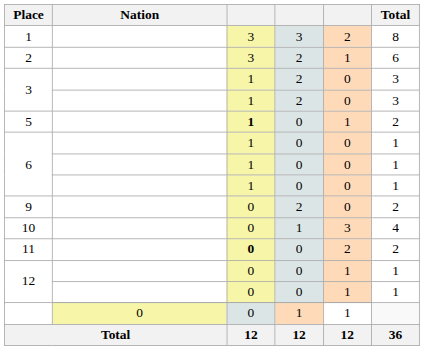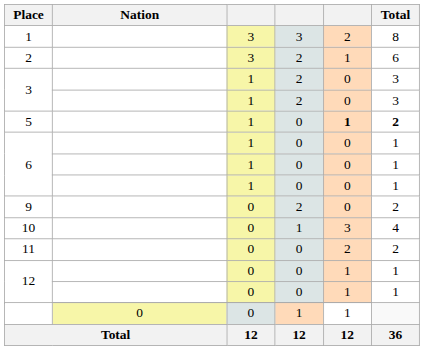 <table class="wikitable" style="text-align: center">
 <tr style="background:#efefef;">
 <th width=50>Place</th>
 <th width=200>Nation</th>
 <th width=50></th>
 <th width=50></th>
 <th width=50></th>
 <th width=50>Total</th>
 </tr>
 <tr bgcolor="#FFFFFF">
 <td>1</td>
 <td align="left"></td>
 <td style="background:#F7F6A8;">3</td>
 <td style="background:#DCE5E5;">3</td>
 <td style="background:#FFDAB9;">2</td>
 <td>8</td>
 </tr>
 <tr bgcolor="#FFFFFF">
 <td>2</td>
 <td align="left"></td>
 <td style="background:#F7F6A8;">3</td>
 <td style="background:#DCE5E5;">2</td>
 <td style="background:#FFDAB9;">1</td>
 <td>6</td>
 </tr>
 <tr bgcolor="#FFFFFF">
 <td rowspan=2>3</td>
 <td align="left"></td>
 <td style="background:#F7F6A8;">1</td>
 <td style="background:#DCE5E5;">2</td>
 <td style="background:#FFDAB9;">0</td>
 <td>3</td>
 </tr>
 <tr bgcolor="#FFFFFF">
 <td align="left"></td>
 <td style="background:#F7F6A8;">1</td>
 <td style="background:#DCE5E5;">2</td>
 <td style="background:#FFDAB9;">0</td>
 <td>3</td>
 </tr>
 <tr bgcolor="#FFFFFF">
 <td>5</td>
 <td align="left"></td>
-<td style="background:#F7F6A8;"><strong>1</strong></td>
+<td style="background:#F7F6A8;">1</td>
 <td style="background:#DCE5E5;">0</td>
-<td style="background:#FFDAB9;">1</td>
-<td>2</td>
+<td style="background:#FFDAB9;"><strong>1</strong></td>
+<td><strong>2</strong></td>
 </tr>
 <tr bgcolor="#FFFFFF">
 <td rowspan=3>6</td>
 <td align="left"></td>
 <td style="background:#F7F6A8;">1</td>
 <td style="background:#DCE5E5;">0</td>
 <td style="background:#FFDAB9;">0</td>
 <td>1</td>
 </tr>
 <tr bgcolor="#FFFFFF">
 <td align="left"></td>
 <td style="background:#F7F6A8;">1</td>
 <td style="background:#DCE5E5;">0</td>
 <td style="background:#FFDAB9;">0</td>
 <td>1</td>
 </tr>
 <tr bgcolor="#FFFFFF">
 <td align="left"></td>
 <td style="background:#F7F6A8;">1</td>
 <td style="background:#DCE5E5;">0</td>
 <td style="background:#FFDAB9;">0</td>
 <td>1</td>
 </tr>
 <tr bgcolor="#FFFFFF">
 <td>9</td>
 <td align="left"></td>
 <td style="background:#F7F6A8;">0</td>
 <td style="background:#DCE5E5;">2</td>
 <td style="background:#FFDAB9;">0</td>
 <td>2</td>
 </tr>
 <tr bgcolor="#FFFFFF">
 <td>10</td>
 <td align="left"></td>
 <td style="background:#F7F6A8;">0</td>
 <td style="background:#DCE5E5;">1</td>
 <td style="background:#FFDAB9;">3</td>
 <td>4</td>
 </tr>
 <tr bgcolor="#FFFFFF">
 <td>11</td>
 <td align="left"></td>
-<td style="background:#F7F6A8;"><strong>0</strong></td>
+<td style="background:#F7F6A8;">0</td>
 <td style="background:#DCE5E5;">0</td>
 <td style="background:#FFDAB9;">2</td>
 <td>2</td>
 </tr>
 <tr bgcolor="#FFFFFF">
 <td rowspan=3>12</td>
 <td align="left"></td>
 <td style="background:#F7F6A8;">0</td>
 <td style="background:#DCE5E5;">0</td>
 <td style="background:#FFDAB9;">1</td>
 <td>1</td>
 </tr>
 <tr bgcolor="#FFFFFF">
 <td align="left"></td>
 <td style="background:#F7F6A8;">0</td>
 <td style="background:#DCE5E5;">0</td>
 <td style="background:#FFDAB9;">1</td>
 <td>1</td>
 </tr>
 <tr>
 </tr>
 <tr bgcolor="#FFFFFF">
 <td align="left"></td>
 <td style="background:#F7F6A8;">0</td>
 <td style="background:#DCE5E5;">0</td>
 <td style="background:#FFDAB9;">1</td>
 <td>1</td>
 </tr>
 <tr>
 <th colspan=2>Total</th>
 <th>12</th>
 <th>12</th>
 <th>12</th>
 <th>36</th>
 </tr>
 </table>
